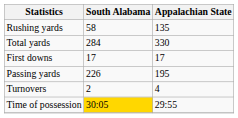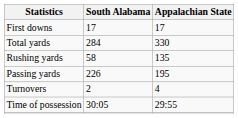 <table class="wikitable">
 <tr>
 <th>Statistics</th>
 <th>South Alabama</th>
 <th>Appalachian State</th>
 </tr>
 <tr>
-<td>Rushing yards</td>
-<td>58</td>
-<td>135</td>
+<td>First downs</td>
+<td>17</td>
+<td>17</td>
 </tr>
 <tr>
 <td>Total yards</td>
 <td>284</td>
 <td>330</td>
 </tr>
 <tr>
-<td>First downs</td>
-<td>17</td>
-<td>17</td>
+<td>Rushing yards</td>
+<td>58</td>
+<td>135</td>
 </tr>
 <tr>
 <td>Passing yards</td>
 <td>226</td>
 <td>195</td>
 </tr>
 <tr>
 <td>Turnovers</td>
 <td>2</td>
 <td>4</td>
 </tr>
 <tr>
 <td>Time of possession</td>
-<td style="background: gold;">30:05</td>
+<td>30:05</td>
 <td>29:55</td>
 </tr>
 <tr>
 </tr>
 </table>
